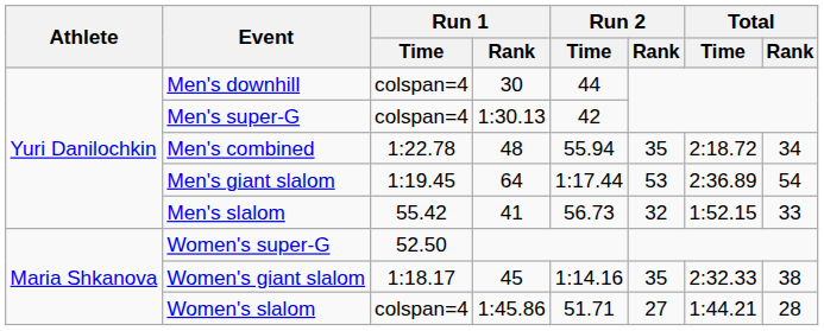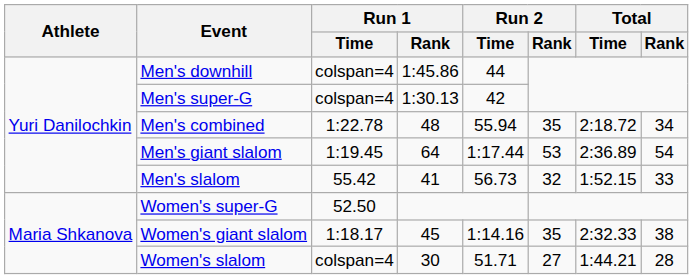 <table class="wikitable" style="font-size:90%">
 <tr>
 <th rowspan=2>Athlete</th>
 <th rowspan=2>Event</th>
 <th colspan=2>Run 1</th>
 <th colspan=2>Run 2</th>
 <th colspan=2>Total</th>
 </tr>
 <tr style="font-size:95%">
 <th>Time</th>
 <th>Rank</th>
 <th>Time</th>
 <th>Rank</th>
 <th>Time</th>
 <th>Rank</th>
 </tr>
 <tr align=center>
 <td align=left rowspan=5><a href='#'>Yuri Danilochkin</a></td>
 <td align=left><a href='#'>Men's downhill</a></td>
 <td>colspan=4 </td>
-<td>30</td>
+<td>1:45.86</td>
 <td>44</td>
 </tr>
 <tr align=center>
 <td align=left><a href='#'>Men's super-G</a></td>
 <td>colspan=4 </td>
 <td>1:30.13</td>
 <td>42</td>
 </tr>
 <tr align=center>
 <td align=left><a href='#'>Men's combined</a></td>
 <td>1:22.78</td>
 <td>48</td>
 <td>55.94</td>
 <td>35</td>
 <td>2:18.72</td>
 <td>34</td>
 </tr>
 <tr align=center>
 <td align=left><a href='#'>Men's giant slalom</a></td>
 <td>1:19.45</td>
 <td>64</td>
 <td>1:17.44</td>
 <td>53</td>
 <td>2:36.89</td>
 <td>54</td>
 </tr>
 <tr align=center>
 <td align=left><a href='#'>Men's slalom</a></td>
 <td>55.42</td>
 <td>41</td>
 <td>56.73</td>
 <td>32</td>
 <td>1:52.15</td>
 <td>33</td>
 </tr>
 <tr align=center>
 <td align=left rowspan=3><a href='#'>Maria Shkanova</a></td>
 <td align=left><a href='#'>Women's super-G</a></td>
 <td>52.50</td>
 <td colspan=2></td>
 </tr>
 <tr align=center>
 <td align=left><a href='#'>Women's giant slalom</a></td>
 <td>1:18.17</td>
 <td>45</td>
 <td>1:14.16</td>
 <td>35</td>
 <td>2:32.33</td>
 <td>38</td>
 </tr>
 <tr align=center>
 <td align=left><a href='#'>Women's slalom</a></td>
 <td>colspan=4 </td>
-<td>1:45.86</td>
+<td>30</td>
 <td>51.71</td>
 <td>27</td>
 <td>1:44.21</td>
 <td>28</td>
 </tr>
 </table>
